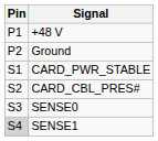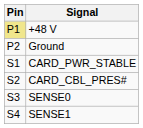 <table class="wikitable">
 <tr>
 <th>Pin</th>
 <th>Signal</th>
 </tr>
 <tr>
-<td>P1</td>
+<td style="background: khaki;">P1</td>
 <td>+48 V</td>
 </tr>
 <tr>
 <td>P2</td>
 <td>Ground</td>
 </tr>
 <tr>
 <td>S1</td>
 <td>CARD_PWR_STABLE</td>
 </tr>
 <tr>
 <td>S2</td>
 <td>CARD_CBL_PRES#</td>
 </tr>
 <tr>
 <td>S3</td>
 <td>SENSE0</td>
 </tr>
 <tr>
-<td style="background: lightgrey;">S4</td>
+<td>S4</td>
 <td>SENSE1</td>
 </tr>
 </table>
